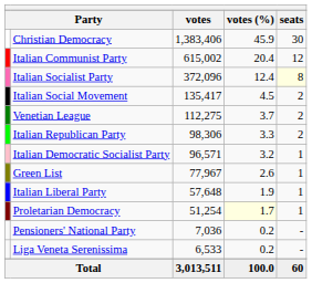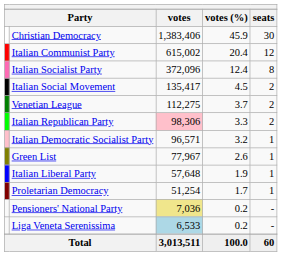 <table class="wikitable" style="font-size:95%">
 <tr>
 <th colspan="5"></th>
 </tr>
 <tr>
 </tr>
 <tr bgcolor="EFEFEF">
 <th colspan=2>Party</th>
 <th>votes</th>
 <th>votes (%)</th>
 <th>seats</th>
 </tr>
 <tr>
 <td bgcolor=white></td>
 <td><a href='#'>Christian Democracy</a></td>
 <td align=right>1,383,406</td>
 <td align=right>45.9</td>
 <td align=right>30</td>
 </tr>
 <tr>
 <td bgcolor=red></td>
 <td><a href='#'>Italian Communist Party</a></td>
 <td align=right>615,002</td>
 <td align=right>20.4</td>
 <td align=right>12</td>
 </tr>
 <tr>
 <td bgcolor=hotpink></td>
 <td><a href='#'>Italian Socialist Party</a></td>
 <td align=right>372,096</td>
 <td align=right>12.4</td>
-<td align=right style="background: lightyellow;">8</td>
+<td align=right>8</td>
 </tr>
 <tr>
 <td bgcolor=black></td>
 <td><a href='#'>Italian Social Movement</a></td>
 <td align=right>135,417</td>
 <td align=right>4.5</td>
 <td align=right>2</td>
 </tr>
 <tr>
 <td bgcolor=green></td>
 <td><a href='#'>Venetian League</a></td>
 <td align=right>112,275</td>
 <td align=right>3.7</td>
 <td align=right>2</td>
 </tr>
 <tr>
 <td bgcolor=lime></td>
 <td><a href='#'>Italian Republican Party</a></td>
-<td align=right>98,306</td>
+<td align=right style="background: pink;">98,306</td>
 <td align=right>3.3</td>
 <td align=right>2</td>
 </tr>
 <tr>
 <td bgcolor=pink></td>
 <td><a href='#'>Italian Democratic Socialist Party</a></td>
 <td align=right>96,571</td>
 <td align=right>3.2</td>
 <td align=right>1</td>
 </tr>
 <tr>
 <td bgcolor=olive></td>
 <td><a href='#'>Green List</a></td>
 <td align=right>77,967</td>
 <td align=right>2.6</td>
 <td align=right>1</td>
 </tr>
 <tr>
 <td bgcolor=blue></td>
 <td><a href='#'>Italian Liberal Party</a></td>
 <td align=right>57,648</td>
 <td align=right>1.9</td>
 <td align=right>1</td>
 </tr>
 <tr>
 <td bgcolor=maroon></td>
 <td><a href='#'>Proletarian Democracy</a></td>
 <td align=right>51,254</td>
-<td align=right style="background: lightyellow;">1.7</td>
+<td align=right>1.7</td>
 <td align=right>1</td>
 </tr>
 <tr>
 <td></td>
 <td><a href='#'>Pensioners' National Party</a></td>
-<td align=right>7,036</td>
+<td align=right style="background: khaki;">7,036</td>
 <td align=right>0.2</td>
 <td align=right>-</td>
 </tr>
 <tr>
 <td></td>
 <td><a href='#'>Liga Veneta Serenissima</a></td>
-<td align=right>6,533</td>
+<td align=right style="background: lightblue;">6,533</td>
 <td align=right>0.2</td>
 <td align=right>-</td>
 </tr>
 <tr>
 </tr>
 <tr bgcolor="EFEFEF">
 <th colspan=2><strong>Total</strong></th>
 <td align=right><strong>3,013,511</strong></td>
 <td align=right><strong>100.0</strong></td>
 <td align=right><strong>60</strong></td>
 </tr>
 </table>
